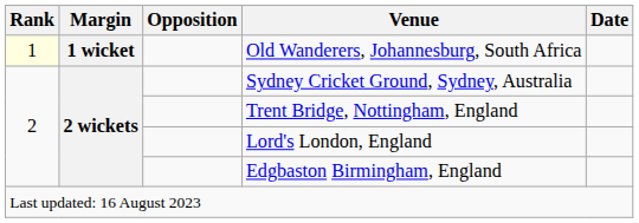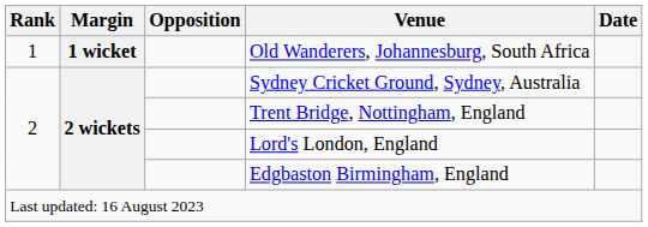 <table class="wikitable plainrowheaders sortable">
 <tr>
 <th scope=col>Rank</th>
 <th scope=col>Margin</th>
 <th scope=col>Opposition</th>
 <th scope=col>Venue</th>
 <th scope=col>Date</th>
 </tr>
 <tr>
-<td align=center style="background: lightyellow;">1</td>
+<td align=center>1</td>
 <th scope=row style=text-align:center;>1 wicket</th>
 <td></td>
 <td><a href='#'>Old Wanderers</a>, <a href='#'>Johannesburg</a>, South Africa</td>
 <td><a href='#'></a></td>
 </tr>
 <tr>
 <td align=center rowspan=4>2</td>
 <th scope=row style=text-align:center; rowspan=4>2 wickets</th>
 <td></td>
 <td><a href='#'>Sydney Cricket Ground</a>, <a href='#'>Sydney</a>, Australia</td>
 <td><a href='#'></a></td>
 </tr>
 <tr>
 <td></td>
 <td><a href='#'>Trent Bridge</a>, <a href='#'>Nottingham</a>, England</td>
 <td><a href='#'></a></td>
 </tr>
 <tr>
 <td></td>
 <td><a href='#'>Lord's</a> London, England</td>
 <td><a href='#'></a></td>
 </tr>
 <tr>
 <td></td>
 <td><a href='#'>Edgbaston</a> <a href='#'>Birmingham</a>, England</td>
 <td><a href='#'></a></td>
 </tr>
 <tr>
 <td colspan=5><small>Last updated: 16 August 2023</small></td>
 </tr>
 </table>
